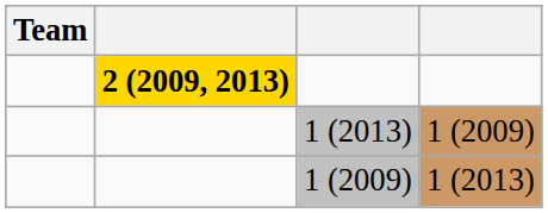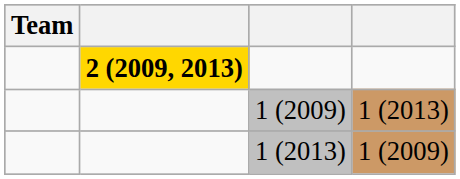 <table class=wikitable>
 <tr>
 <th>Team</th>
 <th></th>
 <th></th>
 <th></th>
 </tr>
 <tr>
 <td></td>
 <td style=background:gold><strong>2 (2009, 2013)</strong></td>
 <td></td>
 <td></td>
 </tr>
 <tr>
 <td></td>
 <td></td>
-<td style=background:silver>1 (2013)</td>
-<td style=background:#cc9966>1 (2009)</td>
+<td style=background:silver>1 (2009)</td>
+<td style=background:#cc9966>1 (2013)</td>
 </tr>
 <tr>
 <td></td>
 <td></td>
-<td style=background:silver>1 (2009)</td>
-<td style=background:#cc9966>1 (2013)</td>
+<td style=background:silver>1 (2013)</td>
+<td style=background:#cc9966>1 (2009)</td>
 </tr>
 </table>
